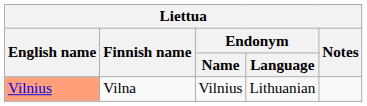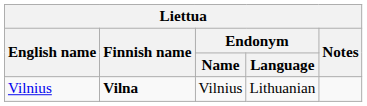 <table class="wikitable sortable">
 <tr>
 <th colspan="5"> Liettua</th>
 </tr>
 <tr>
 <th rowspan="2">English name</th>
 <th rowspan="2">Finnish name</th>
 <th colspan="2">Endonym</th>
 <th rowspan="2">Notes</th>
 </tr>
 <tr>
 <th>Name</th>
 <th>Language</th>
 </tr>
 <tr>
-<td style="background: lightsalmon;"><a href='#'>Vilnius</a></td>
-<td>Vilna</td>
+<td><a href='#'>Vilnius</a></td>
+<td><strong>Vilna</strong></td>
 <td>Vilnius</td>
 <td>Lithuanian</td>
 <td></td>
 </tr>
 </table>
